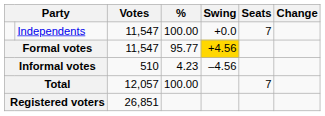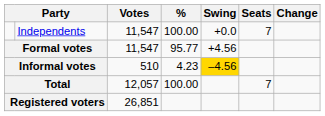 <table class="wikitable" style="text-align:right; margin-bottom:0">
 <tr>
 <th style="width:10px" colspan=3>Party</th>
 <th style="width:70px;">Votes</th>
 <th style="width:40px;">%</th>
 <th style="width:40px;">Swing</th>
 <th style="width:40px;">Seats</th>
 <th style="width:40px;">Change</th>
 </tr>
 <tr>
 <td> </td>
 <td style="text-align:left;" colspan="2"><a href='#'>Independents</a></td>
 <td>11,547</td>
 <td>100.00</td>
 <td>+0.0</td>
 <td>7</td>
 <td></td>
 </tr>
 <tr>
 <th colspan="3" rowspan="1"> Formal votes</th>
 <td>11,547</td>
 <td>95.77</td>
-<td style="background: gold;">+4.56</td>
+<td>+4.56</td>
 <td></td>
 <td></td>
 </tr>
 <tr>
 <th colspan="3" rowspan="1"> Informal votes</th>
 <td>510</td>
 <td>4.23</td>
-<td>–4.56</td>
+<td style="background: gold;">–4.56</td>
 <td></td>
 <td></td>
 </tr>
 <tr>
 <th colspan="3" rowspan="1"> Total</th>
 <td>12,057</td>
 <td>100.00</td>
 <td></td>
 <td>7</td>
 <td></td>
 </tr>
 <tr>
 <th colspan="3" rowspan="1"> Registered voters</th>
 <td>26,851</td>
 <td></td>
 <td></td>
 <td></td>
 <td></td>
 </tr>
 </table>
